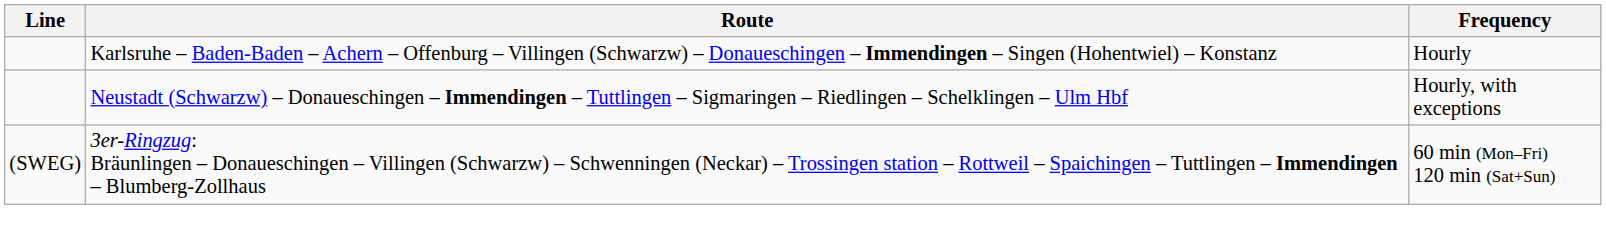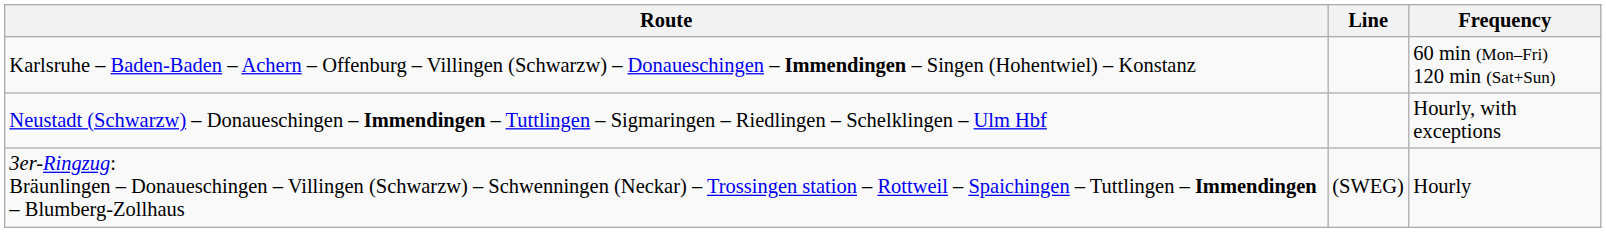 <table class="wikitable">
 <tr>
+<th>Route</th>
 <th>Line</th>
-<th>Route</th>
 <th>Frequency</th>
 </tr>
 <tr>
+<td>Karlsruhe – <a href='#'>Baden-Baden</a> – <a href='#'>Achern</a> – Offenburg – Villingen (Schwarzw) – <a href='#'>Donaueschingen</a> – <strong>Immendingen</strong> – Singen (Hohentwiel) – Konstanz</td>
 <td align="center"></td>
-<td>Karlsruhe – <a href='#'>Baden-Baden</a> – <a href='#'>Achern</a> – Offenburg – Villingen (Schwarzw) – <a href='#'>Donaueschingen</a> – <strong>Immendingen</strong> – Singen (Hohentwiel) – Konstanz</td>
-<td>Hourly</td>
+<td>60 min <small>(Mon–Fri)</small><br>120 min <small>(Sat+Sun)</small></td>
 </tr>
 <tr>
+<td><a href='#'>Neustadt (Schwarzw)</a> – Donaueschingen – <strong>Immendingen</strong> – <a href='#'>Tuttlingen</a> – Sigmaringen – Riedlingen – Schelklingen – <a href='#'>Ulm Hbf</a></td>
 <td align="center"></td>
-<td><a href='#'>Neustadt (Schwarzw)</a> – Donaueschingen – <strong>Immendingen</strong> – <a href='#'>Tuttlingen</a> – Sigmaringen – Riedlingen – Schelklingen – <a href='#'>Ulm Hbf</a></td>
 <td>Hourly, with exceptions</td>
 </tr>
 <tr>
+<td><em>3er-<a href='#'>Ringzug</a></em>:<br>Bräunlingen – Donaueschingen – Villingen (Schwarzw) – Schwenningen (Neckar) – <a href='#'>Trossingen station</a> – <a href='#'>Rottweil</a> – <a href='#'>Spaichingen</a> – Tuttlingen – <strong>Immendingen</strong> – Blumberg-Zollhaus</td>
 <td align="center"> (SWEG)</td>
-<td><em>3er-<a href='#'>Ringzug</a></em>:<br>Bräunlingen – Donaueschingen – Villingen (Schwarzw) – Schwenningen (Neckar) – <a href='#'>Trossingen station</a> – <a href='#'>Rottweil</a> – <a href='#'>Spaichingen</a> – Tuttlingen – <strong>Immendingen</strong> – Blumberg-Zollhaus</td>
-<td>60 min <small>(Mon–Fri)</small><br>120 min <small>(Sat+Sun)</small></td>
+<td>Hourly</td>
 </tr>
 </table>
